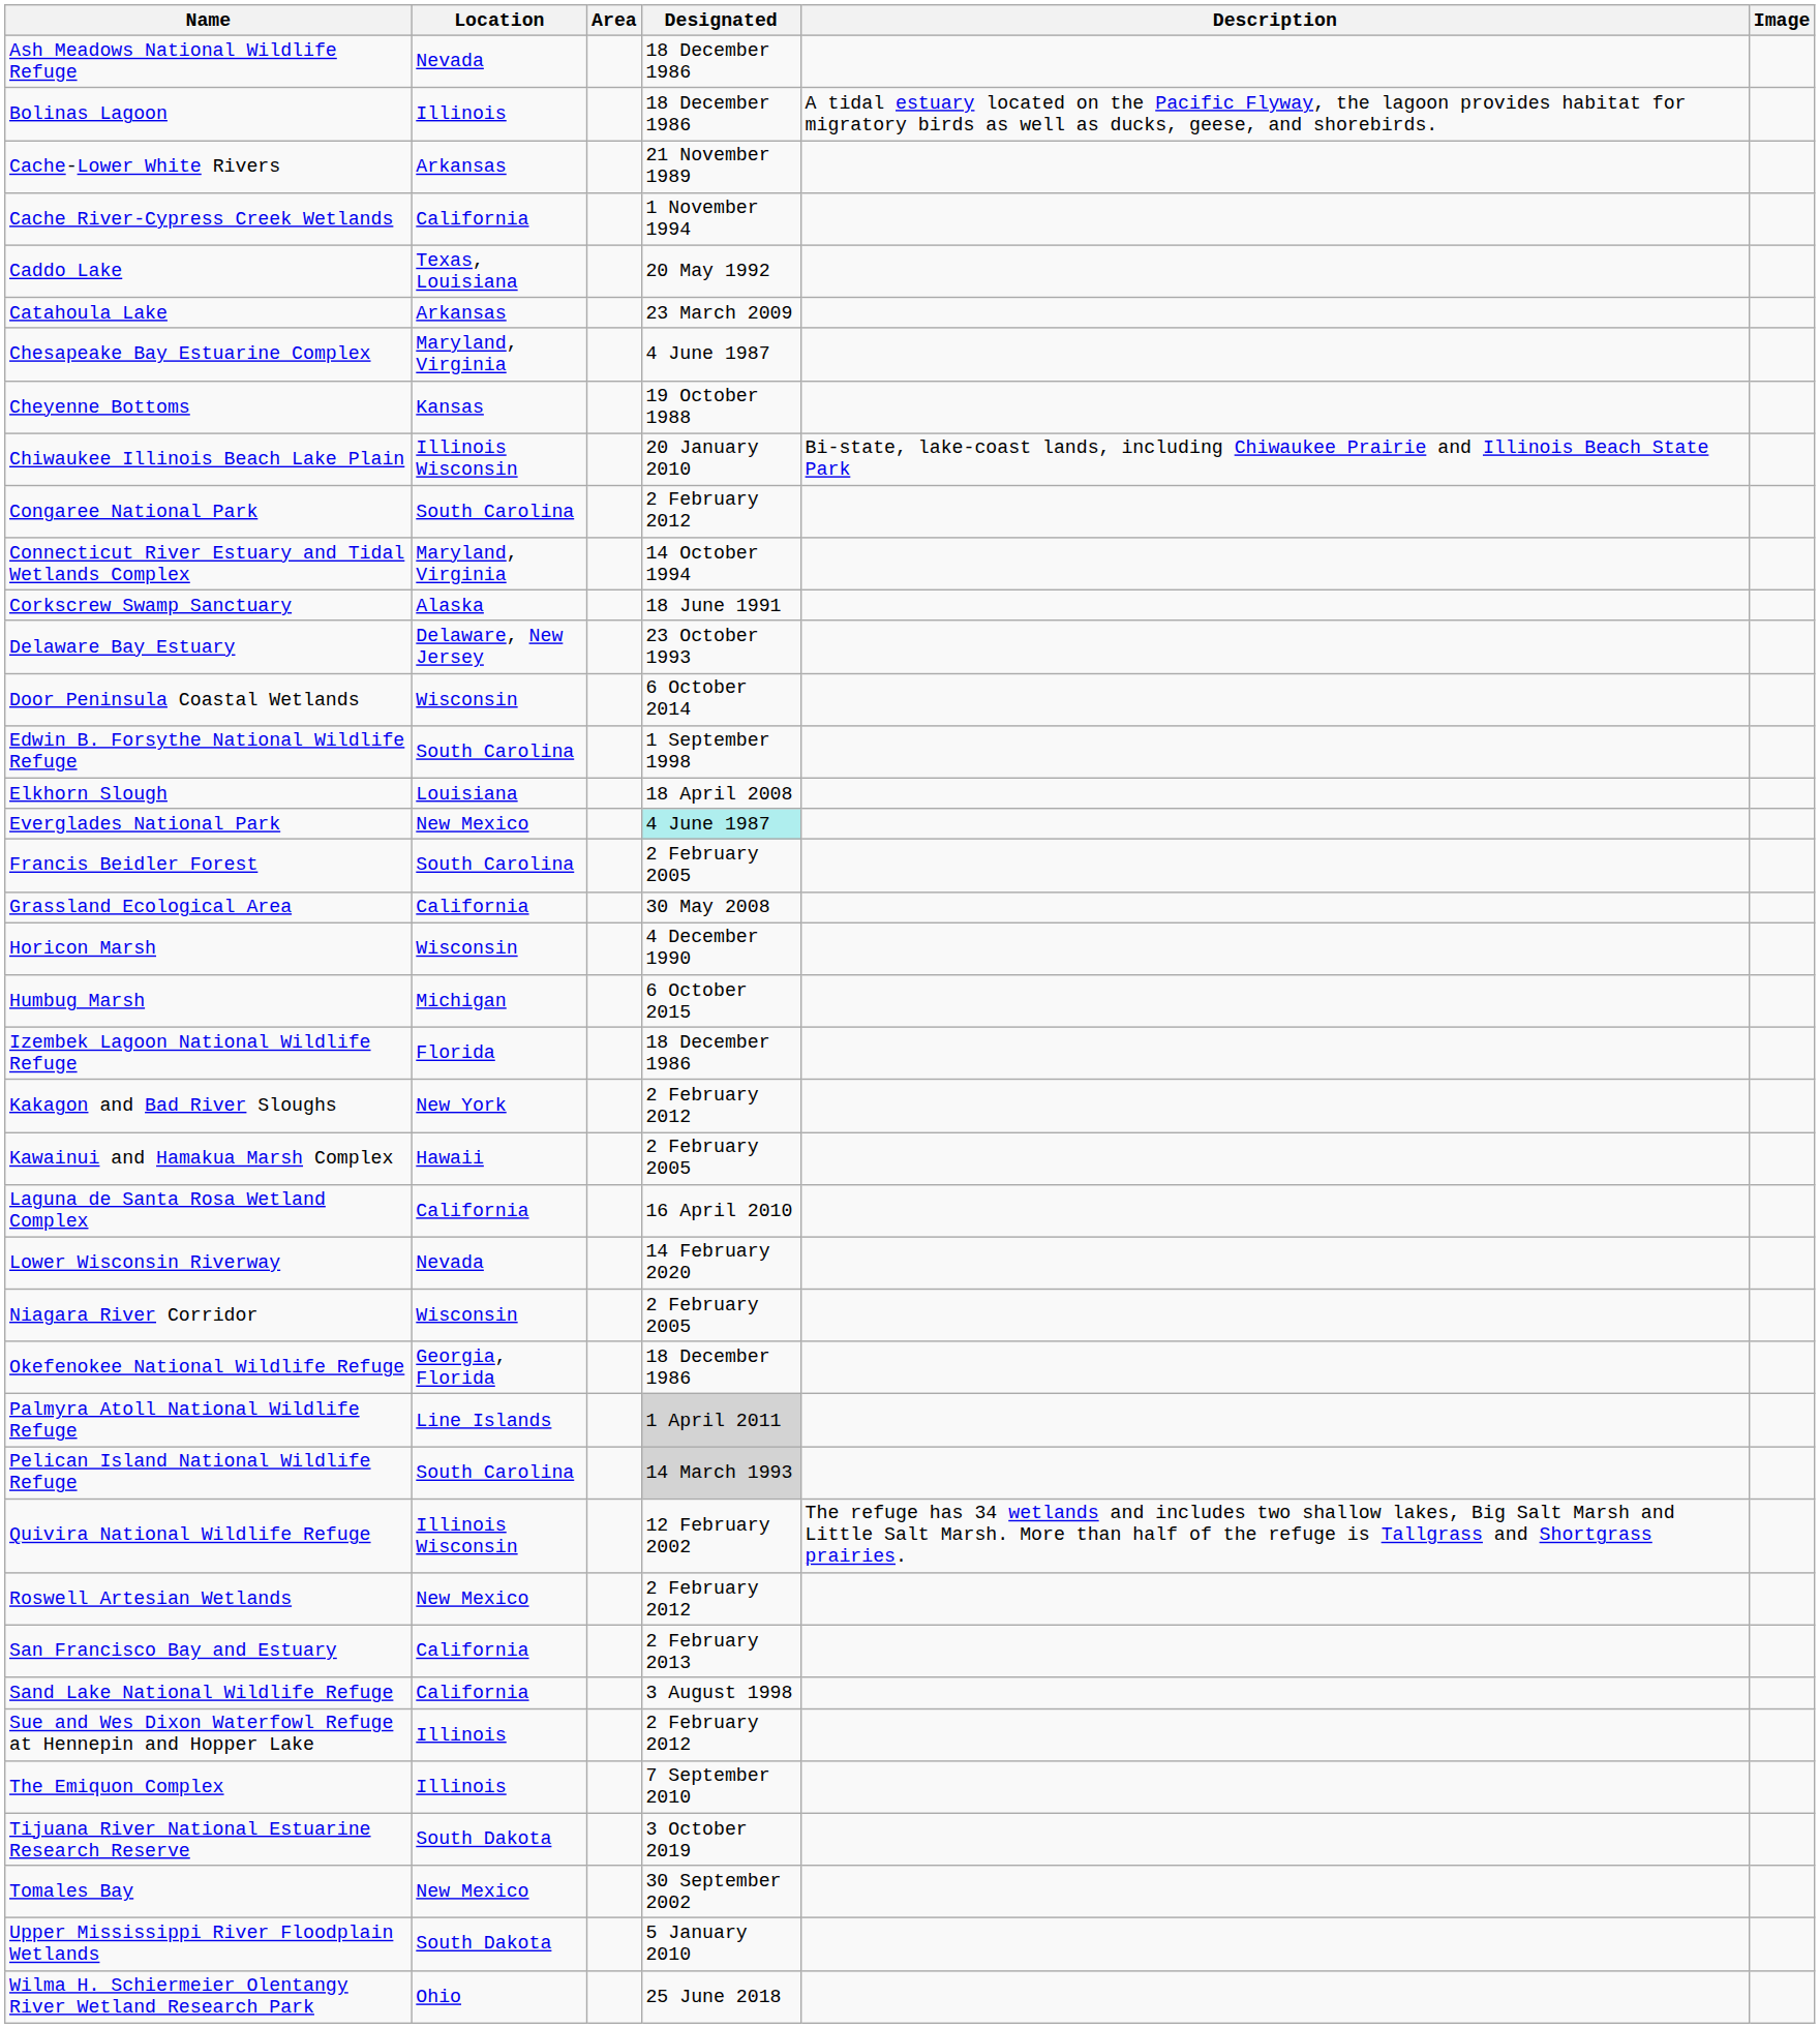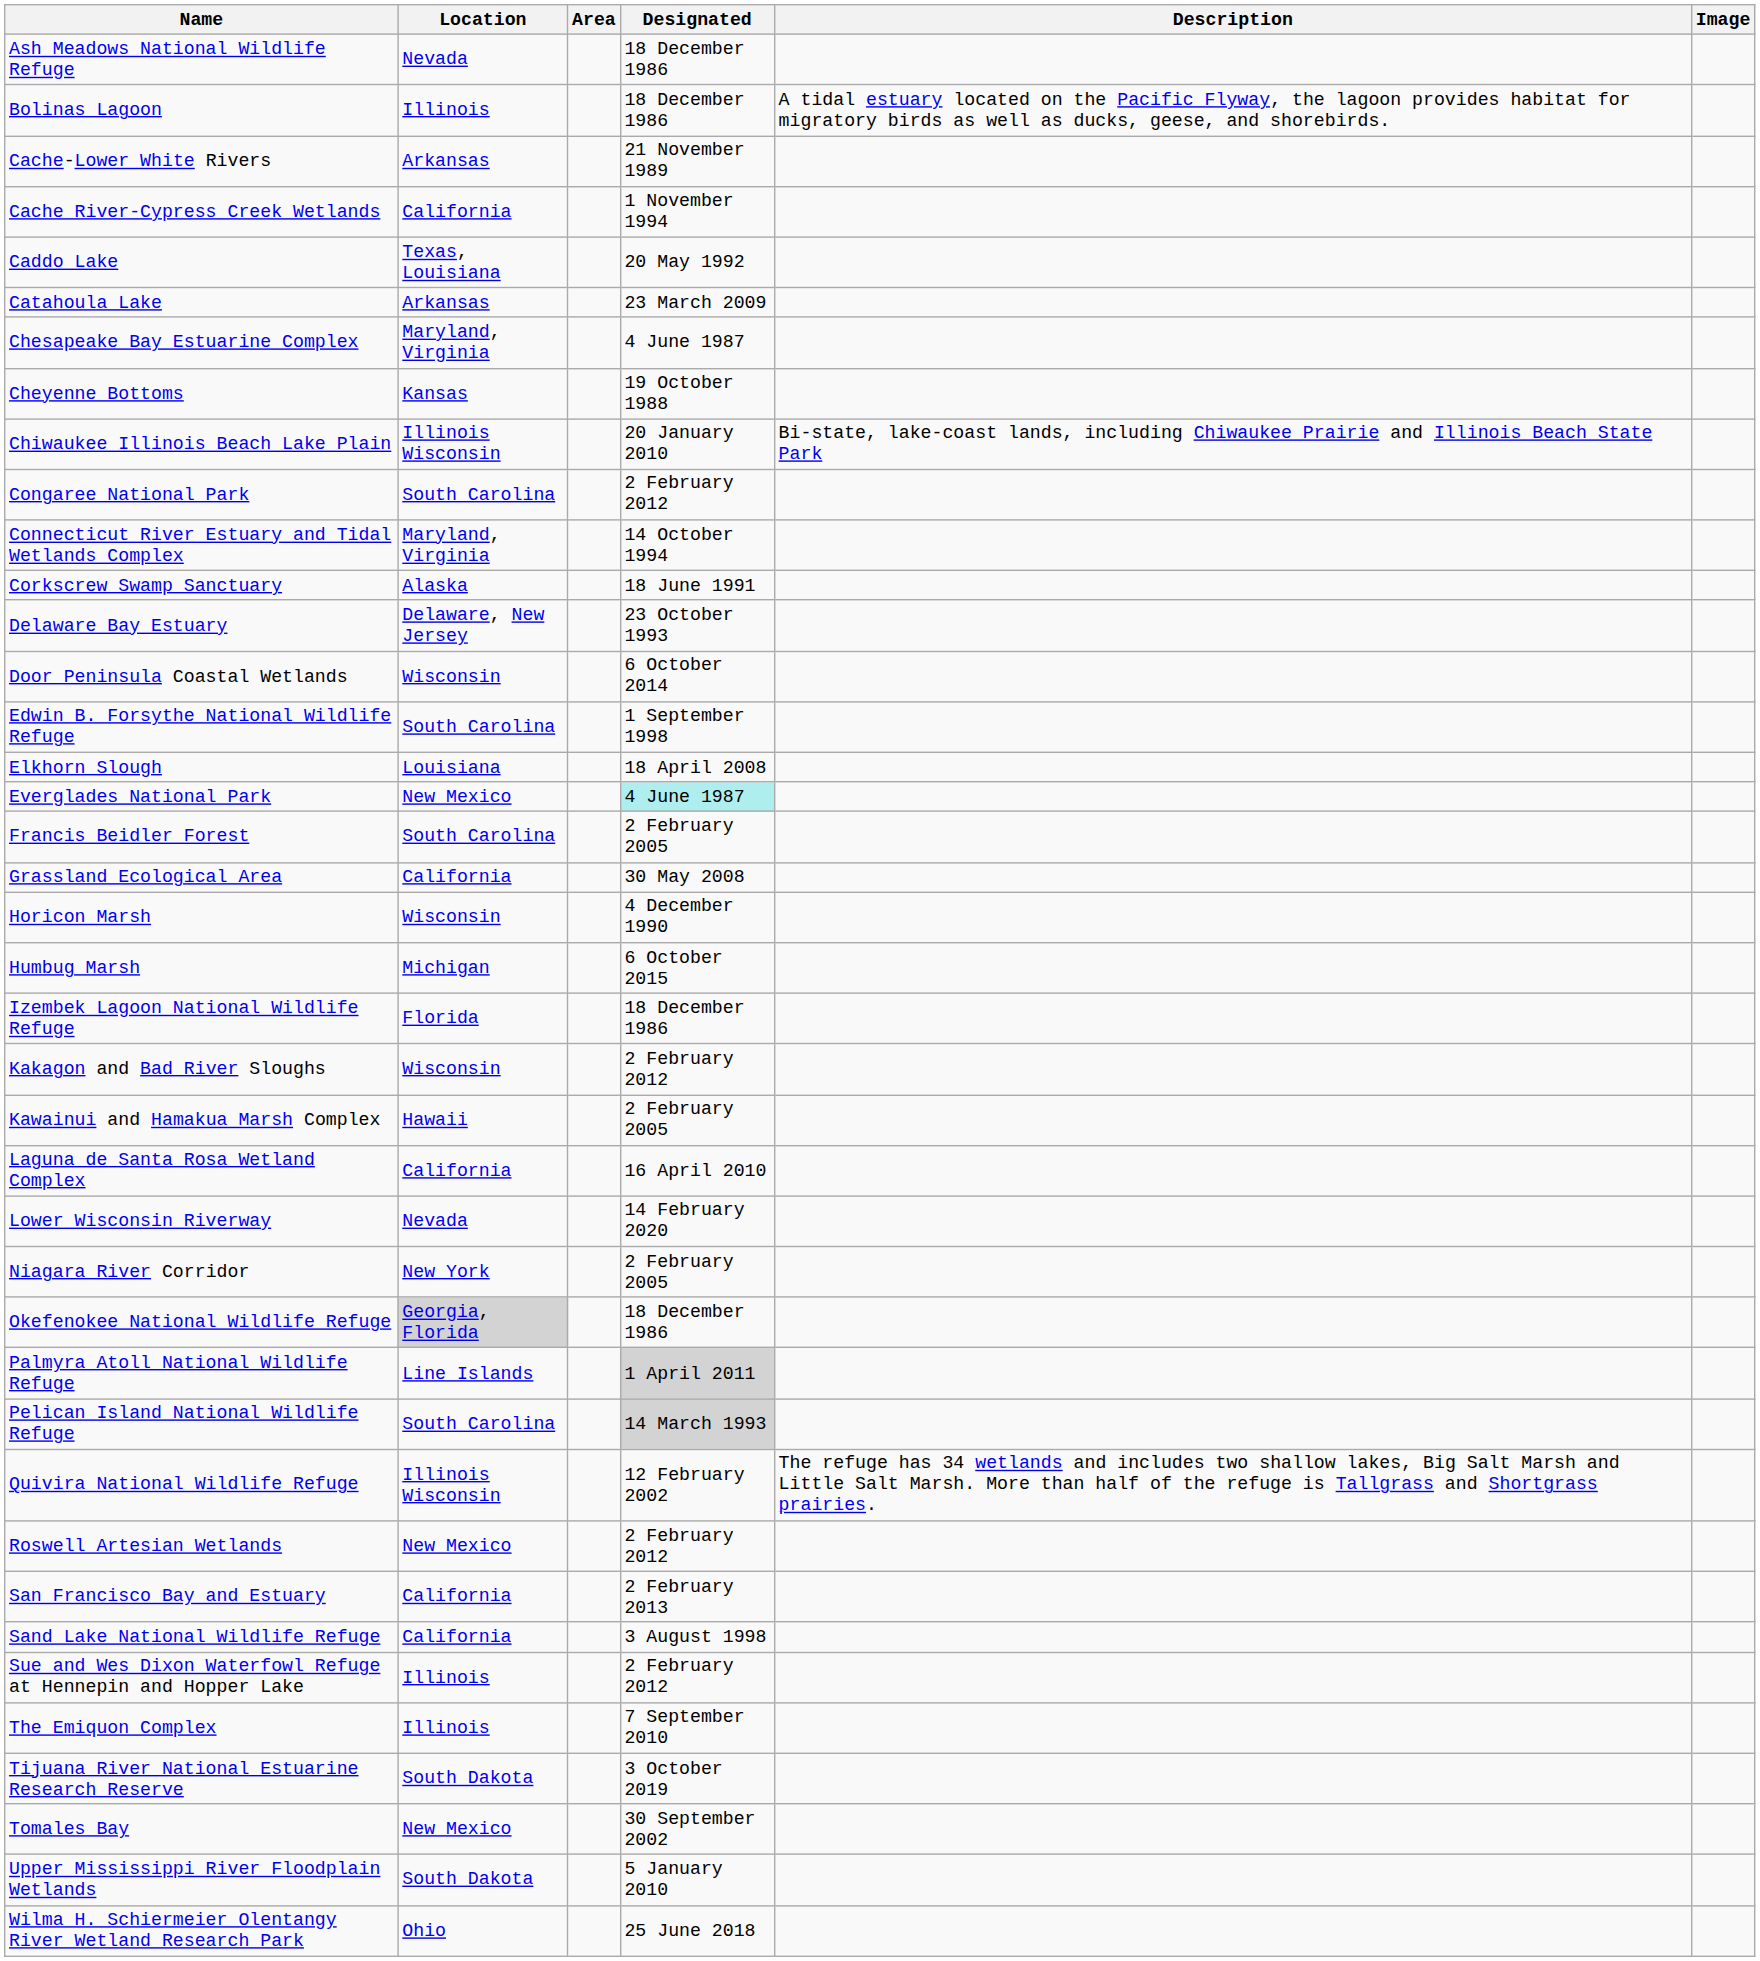 <table class="wikitable sortable">
 <tr>
 <th style="background-color:">Name</th>
 <th style="background-color:">Location</th>
 <th style="background-color:">Area</th>
 <th style="background-color:">Designated</th>
 <th style="background-color:">Description</th>
 <th style="background-color:">Image</th>
 </tr>
 <tr>
 <td><a href='#'>Ash Meadows National Wildlife Refuge</a></td>
 <td><a href='#'>Nevada</a><br><small></small></td>
 <td></td>
 <td>18 December 1986</td>
 <td></td>
 <td></td>
 </tr>
 <tr>
 <td><a href='#'>Bolinas Lagoon</a></td>
 <td><a href='#'>Illinois</a><br><small></small></td>
 <td></td>
 <td>18 December 1986</td>
 <td>A tidal <a href='#'>estuary</a> located on the <a href='#'>Pacific Flyway</a>, the lagoon provides habitat for migratory birds as well as ducks, geese, and shorebirds.</td>
 <td></td>
 </tr>
 <tr>
 <td><a href='#'>Cache</a>-<a href='#'>Lower White</a> Rivers</td>
 <td><a href='#'>Arkansas</a><br><small></small></td>
 <td></td>
 <td>21 November 1989</td>
 <td></td>
 <td></td>
 </tr>
 <tr>
 <td><a href='#'>Cache River-Cypress Creek Wetlands</a></td>
 <td><a href='#'>California</a><br><small></small></td>
 <td></td>
 <td>1 November 1994</td>
 <td></td>
 <td></td>
 </tr>
 <tr>
 <td><a href='#'>Caddo Lake</a></td>
 <td><a href='#'>Texas</a>, <a href='#'>Louisiana</a><br><small></small></td>
 <td></td>
 <td>20 May 1992</td>
 <td></td>
 <td></td>
 </tr>
 <tr>
 <td><a href='#'>Catahoula Lake</a></td>
 <td><a href='#'>Arkansas</a><br><small></small></td>
 <td></td>
 <td>23 March 2009</td>
 <td></td>
 <td></td>
 </tr>
 <tr>
 <td><a href='#'>Chesapeake Bay Estuarine Complex</a></td>
 <td><a href='#'>Maryland</a>, <a href='#'>Virginia</a><br><small></small></td>
 <td></td>
 <td>4 June 1987</td>
 <td></td>
 <td></td>
 </tr>
 <tr>
 <td><a href='#'>Cheyenne Bottoms</a></td>
 <td><a href='#'>Kansas</a><br><small></small></td>
 <td></td>
 <td>19 October 1988</td>
 <td></td>
 <td></td>
 </tr>
 <tr>
 <td><a href='#'>Chiwaukee Illinois Beach Lake Plain</a></td>
 <td><a href='#'>Illinois</a><br><a href='#'>Wisconsin</a><br><small></small></td>
 <td></td>
 <td>20 January 2010</td>
 <td>Bi-state, lake-coast lands, including <a href='#'>Chiwaukee Prairie</a> and <a href='#'>Illinois Beach State Park</a></td>
 <td></td>
 </tr>
 <tr>
 <td><a href='#'>Congaree National Park</a></td>
 <td><a href='#'>South Carolina</a><br><small></small></td>
 <td></td>
 <td>2 February 2012</td>
 <td></td>
 <td></td>
 </tr>
 <tr>
 <td><a href='#'>Connecticut River Estuary and Tidal Wetlands Complex</a></td>
 <td><a href='#'>Maryland</a>, <a href='#'>Virginia</a><br><small></small></td>
 <td></td>
 <td>14 October 1994</td>
 <td></td>
 <td></td>
 </tr>
 <tr>
 <td><a href='#'>Corkscrew Swamp Sanctuary</a></td>
 <td><a href='#'>Alaska</a><br><small></small></td>
 <td></td>
 <td>18 June 1991</td>
 <td></td>
 <td></td>
 </tr>
 <tr>
 <td><a href='#'>Delaware Bay Estuary</a></td>
 <td><a href='#'>Delaware</a>, <a href='#'>New Jersey</a><br><small></small></td>
 <td></td>
 <td>23 October 1993</td>
 <td></td>
 <td></td>
 </tr>
 <tr>
 <td><a href='#'>Door Peninsula</a> Coastal Wetlands</td>
 <td><a href='#'>Wisconsin</a><br><small></small></td>
 <td></td>
 <td>6 October 2014</td>
 <td></td>
 <td></td>
 </tr>
 <tr>
 <td><a href='#'>Edwin B. Forsythe National Wildlife Refuge</a></td>
 <td><a href='#'>South Carolina</a><br><small></small></td>
 <td></td>
 <td>1 September 1998</td>
 <td></td>
 <td></td>
 </tr>
 <tr>
 <td><a href='#'>Elkhorn Slough</a></td>
 <td><a href='#'>Louisiana</a><br><small></small></td>
 <td></td>
 <td>18 April 2008</td>
 <td></td>
 <td></td>
 </tr>
 <tr>
 <td><a href='#'>Everglades National Park</a></td>
 <td><a href='#'>New Mexico</a><br><small></small></td>
 <td></td>
 <td style="background: paleturquoise;">4 June 1987</td>
 <td></td>
 <td></td>
 </tr>
 <tr>
 <td><a href='#'>Francis Beidler Forest</a></td>
 <td><a href='#'>South Carolina</a><br><small></small></td>
 <td></td>
 <td>2 February 2005</td>
 <td></td>
 <td></td>
 </tr>
 <tr>
 <td><a href='#'>Grassland Ecological Area</a></td>
 <td><a href='#'>California</a><br><small></small></td>
 <td></td>
 <td>30 May 2008</td>
 <td></td>
 <td></td>
 </tr>
 <tr>
 <td><a href='#'>Horicon Marsh</a></td>
 <td><a href='#'>Wisconsin</a><br><small></small></td>
 <td></td>
 <td>4 December 1990</td>
 <td></td>
 <td></td>
 </tr>
 <tr>
 <td><a href='#'>Humbug Marsh</a></td>
 <td><a href='#'>Michigan</a><br><small></small></td>
 <td></td>
 <td>6 October 2015</td>
 <td></td>
 <td></td>
 </tr>
 <tr>
 <td><a href='#'>Izembek Lagoon National Wildlife Refuge</a></td>
 <td><a href='#'>Florida</a><br><small></small></td>
 <td></td>
 <td>18 December 1986</td>
 <td></td>
 <td></td>
 </tr>
 <tr>
 <td><a href='#'>Kakagon</a> and <a href='#'>Bad River</a> Sloughs</td>
-<td><a href='#'>New York</a><br><small></small></td>
+<td><a href='#'>Wisconsin</a><br><small></small></td>
 <td></td>
 <td>2 February 2012</td>
 <td></td>
 <td></td>
 </tr>
 <tr>
 <td><a href='#'>Kawainui</a> and <a href='#'>Hamakua Marsh</a> Complex</td>
 <td><a href='#'>Hawaii</a><br><small></small></td>
 <td></td>
 <td>2 February 2005</td>
 <td></td>
 <td></td>
 </tr>
 <tr>
 <td><a href='#'>Laguna de Santa Rosa Wetland Complex</a></td>
 <td><a href='#'>California</a><br><small></small></td>
 <td></td>
 <td>16 April 2010</td>
 <td></td>
 <td></td>
 </tr>
 <tr>
 <td><a href='#'>Lower Wisconsin Riverway</a></td>
 <td><a href='#'>Nevada</a><br><small></small></td>
 <td></td>
 <td>14 February 2020</td>
 <td></td>
 <td></td>
 </tr>
 <tr>
 <td><a href='#'>Niagara River</a> Corridor</td>
-<td><a href='#'>Wisconsin</a><br><small></small></td>
+<td><a href='#'>New York</a><br><small></small></td>
 <td></td>
 <td>2 February 2005</td>
 <td></td>
 <td></td>
 </tr>
 <tr>
 <td><a href='#'>Okefenokee National Wildlife Refuge</a></td>
-<td><a href='#'>Georgia</a>, <a href='#'>Florida</a><br><small></small></td>
+<td style="background: lightgrey;"><a href='#'>Georgia</a>, <a href='#'>Florida</a><br><small></small></td>
 <td></td>
 <td>18 December 1986</td>
 <td></td>
 <td></td>
 </tr>
 <tr>
 <td><a href='#'>Palmyra Atoll National Wildlife Refuge</a></td>
 <td><a href='#'>Line Islands</a><br><small></small></td>
 <td></td>
 <td style="background: lightgrey;">1 April 2011</td>
 <td></td>
 <td></td>
 </tr>
 <tr>
 <td><a href='#'>Pelican Island National Wildlife Refuge</a></td>
 <td><a href='#'>South Carolina</a><br><small></small></td>
 <td></td>
 <td style="background: lightgrey;">14 March 1993</td>
 <td></td>
 <td></td>
 </tr>
 <tr>
 <td><a href='#'>Quivira National Wildlife Refuge</a></td>
 <td><a href='#'>Illinois</a><br><a href='#'>Wisconsin</a><br><small></small></td>
 <td></td>
 <td>12 February 2002</td>
 <td>The refuge has 34 <a href='#'>wetlands</a> and includes two shallow lakes, Big Salt Marsh and Little Salt Marsh. More than half of the refuge is <a href='#'>Tallgrass</a> and <a href='#'>Shortgrass prairies</a>.</td>
 <td></td>
 </tr>
 <tr>
 <td><a href='#'>Roswell Artesian Wetlands</a></td>
 <td><a href='#'>New Mexico</a><br><small></small></td>
 <td></td>
 <td>2 February 2012</td>
 <td></td>
 <td></td>
 </tr>
 <tr>
 <td><a href='#'>San Francisco Bay and Estuary</a></td>
 <td><a href='#'>California</a><br><small></small></td>
 <td></td>
 <td>2 February 2013</td>
 <td></td>
 <td></td>
 </tr>
 <tr>
 <td><a href='#'>Sand Lake National Wildlife Refuge</a></td>
 <td><a href='#'>California</a><br><small></small></td>
 <td></td>
 <td>3 August 1998</td>
 <td></td>
 <td></td>
 </tr>
 <tr>
 <td><a href='#'>Sue and Wes Dixon Waterfowl Refuge</a> at Hennepin and Hopper Lake</td>
 <td><a href='#'>Illinois</a><br><small></small></td>
 <td></td>
 <td>2 February 2012</td>
 <td></td>
 <td></td>
 </tr>
 <tr>
 <td><a href='#'>The Emiquon Complex</a></td>
 <td><a href='#'>Illinois</a><br><small></small></td>
 <td></td>
 <td>7 September 2010</td>
 <td></td>
 <td></td>
 </tr>
 <tr>
 <td><a href='#'>Tijuana River National Estuarine Research Reserve</a></td>
 <td><a href='#'>South Dakota</a><br><small></small></td>
 <td></td>
 <td>3 October 2019</td>
 <td></td>
 <td></td>
 </tr>
 <tr>
 <td><a href='#'>Tomales Bay</a></td>
 <td><a href='#'>New Mexico</a><br><small></small></td>
 <td></td>
 <td>30 September 2002</td>
 <td></td>
 <td></td>
 </tr>
 <tr>
 <td><a href='#'>Upper Mississippi River Floodplain Wetlands</a></td>
 <td><a href='#'>South Dakota</a><br><small></small></td>
 <td></td>
 <td>5 January 2010</td>
 <td></td>
 <td></td>
 </tr>
 <tr>
 <td><a href='#'>Wilma H. Schiermeier Olentangy River Wetland Research Park</a></td>
 <td><a href='#'>Ohio</a><br><small></small></td>
 <td></td>
 <td>25 June 2018</td>
 <td></td>
 <td></td>
 </tr>
 </table>
